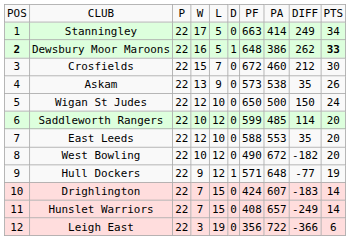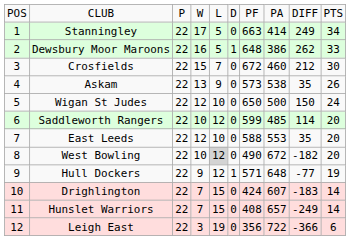 <table class="wikitable" style="text-align: center;">
 <tr>
 <td>POS</td>
 <td>CLUB</td>
 <td>P</td>
 <td>W</td>
 <td>L</td>
 <td>D</td>
 <td>PF</td>
 <td>PA</td>
 <td>DIFF</td>
 <td>PTS</td>
 </tr>
 <tr style="background:#ddffdd;">
 <td>1</td>
 <td>Stanningley</td>
 <td>22</td>
 <td>17</td>
 <td>5</td>
 <td>0</td>
 <td>663</td>
 <td>414</td>
 <td>249</td>
 <td>34</td>
 </tr>
 <tr style="background:#ddffdd;">
-<td><strong>2</strong></td>
+<td>2</td>
 <td>Dewsbury Moor Maroons</td>
 <td>22</td>
 <td>16</td>
 <td>5</td>
 <td>1</td>
 <td>648</td>
 <td>386</td>
 <td>262</td>
-<td><strong>33</strong></td>
+<td>33</td>
 </tr>
 <tr>
 <td>3</td>
 <td>Crosfields</td>
 <td>22</td>
 <td>15</td>
 <td>7</td>
 <td>0</td>
 <td>672</td>
 <td>460</td>
 <td>212</td>
 <td>30</td>
 </tr>
 <tr>
 <td>4</td>
 <td>Askam</td>
 <td>22</td>
 <td>13</td>
 <td>9</td>
 <td>0</td>
 <td>573</td>
 <td>538</td>
 <td>35</td>
 <td>26</td>
 </tr>
 <tr>
 <td>5</td>
 <td>Wigan St Judes</td>
 <td>22</td>
 <td>12</td>
 <td>10</td>
 <td>0</td>
 <td>650</td>
 <td>500</td>
 <td>150</td>
 <td>24</td>
 </tr>
 <tr style="background:#ddffdd;">
 <td>6</td>
 <td>Saddleworth Rangers</td>
 <td>22</td>
 <td>10</td>
 <td>12</td>
 <td>0</td>
 <td>599</td>
 <td>485</td>
 <td>114</td>
 <td>20</td>
 </tr>
 <tr>
 <td>7</td>
 <td>East Leeds</td>
 <td>22</td>
 <td>12</td>
 <td>10</td>
 <td>0</td>
 <td>588</td>
 <td>553</td>
 <td>35</td>
 <td>20</td>
 </tr>
 <tr>
 <td>8</td>
 <td>West Bowling</td>
 <td>22</td>
 <td>10</td>
-<td>12</td>
+<td style="background: lightgrey;">12</td>
 <td>0</td>
 <td>490</td>
 <td>672</td>
 <td>-182</td>
 <td>20</td>
 </tr>
 <tr>
 <td>9</td>
 <td>Hull Dockers</td>
 <td>22</td>
 <td>9</td>
 <td>12</td>
 <td>1</td>
 <td>571</td>
 <td>648</td>
 <td>-77</td>
 <td>19</td>
 </tr>
 <tr style="background:#ffdddd;">
 <td>10</td>
 <td>Drighlington</td>
 <td>22</td>
 <td>7</td>
 <td>15</td>
 <td>0</td>
 <td>424</td>
 <td>607</td>
 <td>-183</td>
 <td>14</td>
 </tr>
 <tr style="background:#ffdddd;">
 <td>11</td>
 <td>Hunslet Warriors</td>
 <td>22</td>
 <td>7</td>
 <td>15</td>
 <td>0</td>
 <td>408</td>
 <td>657</td>
 <td>-249</td>
 <td>14</td>
 </tr>
 <tr style="background:#ffdddd;">
 <td>12</td>
 <td>Leigh East</td>
 <td>22</td>
 <td>3</td>
 <td>19</td>
 <td>0</td>
 <td>356</td>
 <td>722</td>
 <td>-366</td>
 <td>6</td>
 </tr>
 </table>
